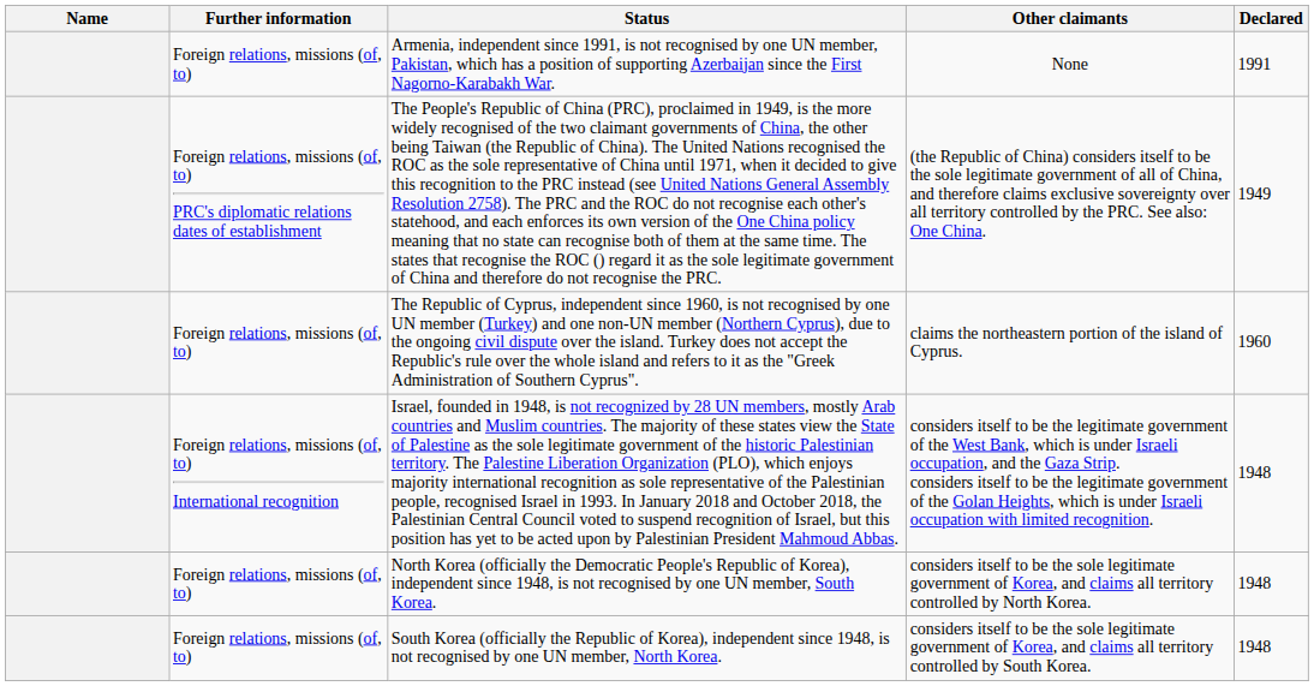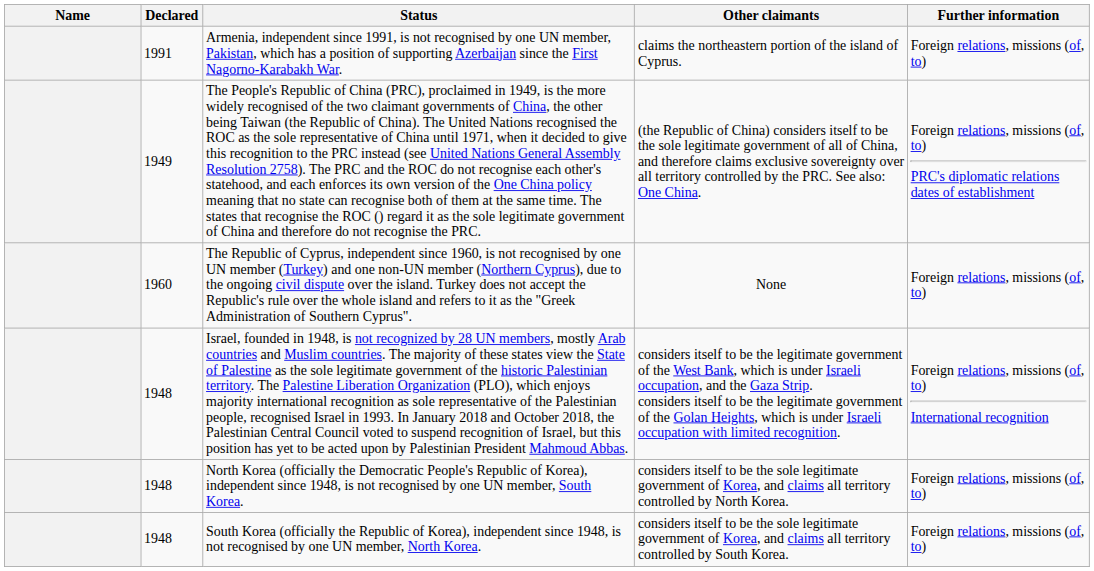 <table class="wikitable sortable">
 <tr>
 <th scope=col style="width:12%;">Name</th>
-<th scope=col style="width:16%;" class=unsortable>Further information</th>
+<th scope=col style="width:5%;">Declared</th>
 <th scope=col style="width:38%;" class=unsortable>Status</th>
 <th scope=col style="width:24%;" class=unsortable>Other claimants</th>
-<th scope=col style="width:5%;">Declared</th>
+<th scope=col style="width:16%;" class=unsortable>Further information</th>
 </tr>
 <tr>
 <th scope=row></th>
+<td>1991</td>
+<td>Armenia, independent since 1991, is not recognised by one UN member, <a href='#'>Pakistan</a>, which has a position of supporting <a href='#'>Azerbaijan</a> since the <a href='#'>First Nagorno-Karabakh War</a>.</td>
+<td> claims the northeastern portion of the island of Cyprus.</td>
 <td>Foreign <a href='#'>relations</a>, missions (<a href='#'>of</a>, <a href='#'>to</a>)</td>
-<td>Armenia, independent since 1991, is not recognised by one UN member, <a href='#'>Pakistan</a>, which has a position of supporting <a href='#'>Azerbaijan</a> since the <a href='#'>First Nagorno-Karabakh War</a>.</td>
-<td style="text-align:center;">None</td>
-<td>1991</td>
 </tr>
 <tr>
 <th scope=row></th>
-<td>Foreign <a href='#'>relations</a>, missions (<a href='#'>of</a>, <a href='#'>to</a>)<hr><a href='#'>PRC's diplomatic relations dates of establishment</a></td>
+<td>1949</td>
 <td>The People's Republic of China (PRC), proclaimed in 1949, is the more widely recognised of the two claimant governments of <a href='#'>China</a>, the other being Taiwan (the Republic of China). The United Nations recognised the ROC as the sole representative of China until 1971, when it decided to give this recognition to the PRC instead (see <a href='#'>United Nations General Assembly Resolution 2758</a>). The PRC and the ROC do not recognise each other's statehood, and each enforces its own version of the <a href='#'>One China policy</a> meaning that no state can recognise both of them at the same time. The states that recognise the ROC () regard it as the sole legitimate government of China and therefore do not recognise the PRC.</td>
 <td> (the Republic of China) considers itself to be the sole legitimate government of all of China, and therefore claims exclusive sovereignty over all territory controlled by the PRC. See also: <a href='#'>One China</a>.</td>
-<td>1949</td>
+<td>Foreign <a href='#'>relations</a>, missions (<a href='#'>of</a>, <a href='#'>to</a>)<hr><a href='#'>PRC's diplomatic relations dates of establishment</a></td>
 </tr>
 <tr>
 <th scope=row></th>
+<td>1960</td>
+<td>The Republic of Cyprus, independent since 1960, is not recognised by one UN member (<a href='#'>Turkey</a>) and one non-UN member (<a href='#'>Northern Cyprus</a>), due to the ongoing <a href='#'>civil dispute</a> over the island. Turkey does not accept the Republic's rule over the whole island and refers to it as the "Greek Administration of Southern Cyprus".</td>
+<td style="text-align:center;">None</td>
 <td>Foreign <a href='#'>relations</a>, missions (<a href='#'>of</a>, <a href='#'>to</a>)</td>
-<td>The Republic of Cyprus, independent since 1960, is not recognised by one UN member (<a href='#'>Turkey</a>) and one non-UN member (<a href='#'>Northern Cyprus</a>), due to the ongoing <a href='#'>civil dispute</a> over the island. Turkey does not accept the Republic's rule over the whole island and refers to it as the "Greek Administration of Southern Cyprus".</td>
-<td> claims the northeastern portion of the island of Cyprus.</td>
-<td>1960</td>
 </tr>
 <tr>
 <th scope=row></th>
-<td>Foreign <a href='#'>relations</a>, missions (<a href='#'>of</a>, <a href='#'>to</a>)<hr><a href='#'>International recognition</a></td>
+<td>1948</td>
 <td>Israel, founded in 1948, is <a href='#'>not recognized by 28 UN members</a>, mostly <a href='#'>Arab countries</a> and <a href='#'>Muslim countries</a>. The majority of these states view the <a href='#'>State of Palestine</a> as the sole legitimate government of the <a href='#'>historic Palestinian territory</a>. The <a href='#'>Palestine Liberation Organization</a> (PLO), which enjoys majority international recognition as sole representative of the Palestinian people, recognised Israel in 1993. In January 2018 and October 2018, the Palestinian Central Council voted to suspend recognition of Israel, but this position has yet to be acted upon by Palestinian President <a href='#'>Mahmoud Abbas</a>.</td>
 <td> considers itself to be the legitimate government of the <a href='#'>West Bank</a>, which is under <a href='#'>Israeli occupation</a>, and the <a href='#'>Gaza Strip</a>.<br>  considers itself to be the legitimate government of the <a href='#'>Golan Heights</a>, which is under <a href='#'>Israeli occupation with limited recognition</a>.</td>
-<td>1948</td>
+<td>Foreign <a href='#'>relations</a>, missions (<a href='#'>of</a>, <a href='#'>to</a>)<hr><a href='#'>International recognition</a></td>
 </tr>
 <tr>
 <th scope=row></th>
-<td>Foreign <a href='#'>relations</a>, missions (<a href='#'>of</a>, <a href='#'>to</a>)</td>
+<td>1948</td>
 <td>North Korea (officially the Democratic People's Republic of Korea), independent since 1948, is not recognised by one UN member, <a href='#'>South Korea</a>.</td>
 <td> considers itself to be the sole legitimate government of <a href='#'>Korea</a>, and <a href='#'>claims</a> all territory controlled by North Korea.</td>
-<td>1948</td>
+<td>Foreign <a href='#'>relations</a>, missions (<a href='#'>of</a>, <a href='#'>to</a>)</td>
 </tr>
 <tr>
 <th scope=row></th>
-<td>Foreign <a href='#'>relations</a>, missions (<a href='#'>of</a>, <a href='#'>to</a>)</td>
+<td>1948</td>
 <td>South Korea (officially the Republic of Korea), independent since 1948, is not recognised by one UN member, <a href='#'>North Korea</a>.</td>
 <td> considers itself to be the sole legitimate government of <a href='#'>Korea</a>, and <a href='#'>claims</a> all territory controlled by South Korea.</td>
-<td>1948</td>
+<td>Foreign <a href='#'>relations</a>, missions (<a href='#'>of</a>, <a href='#'>to</a>)</td>
 </tr>
 </table>
